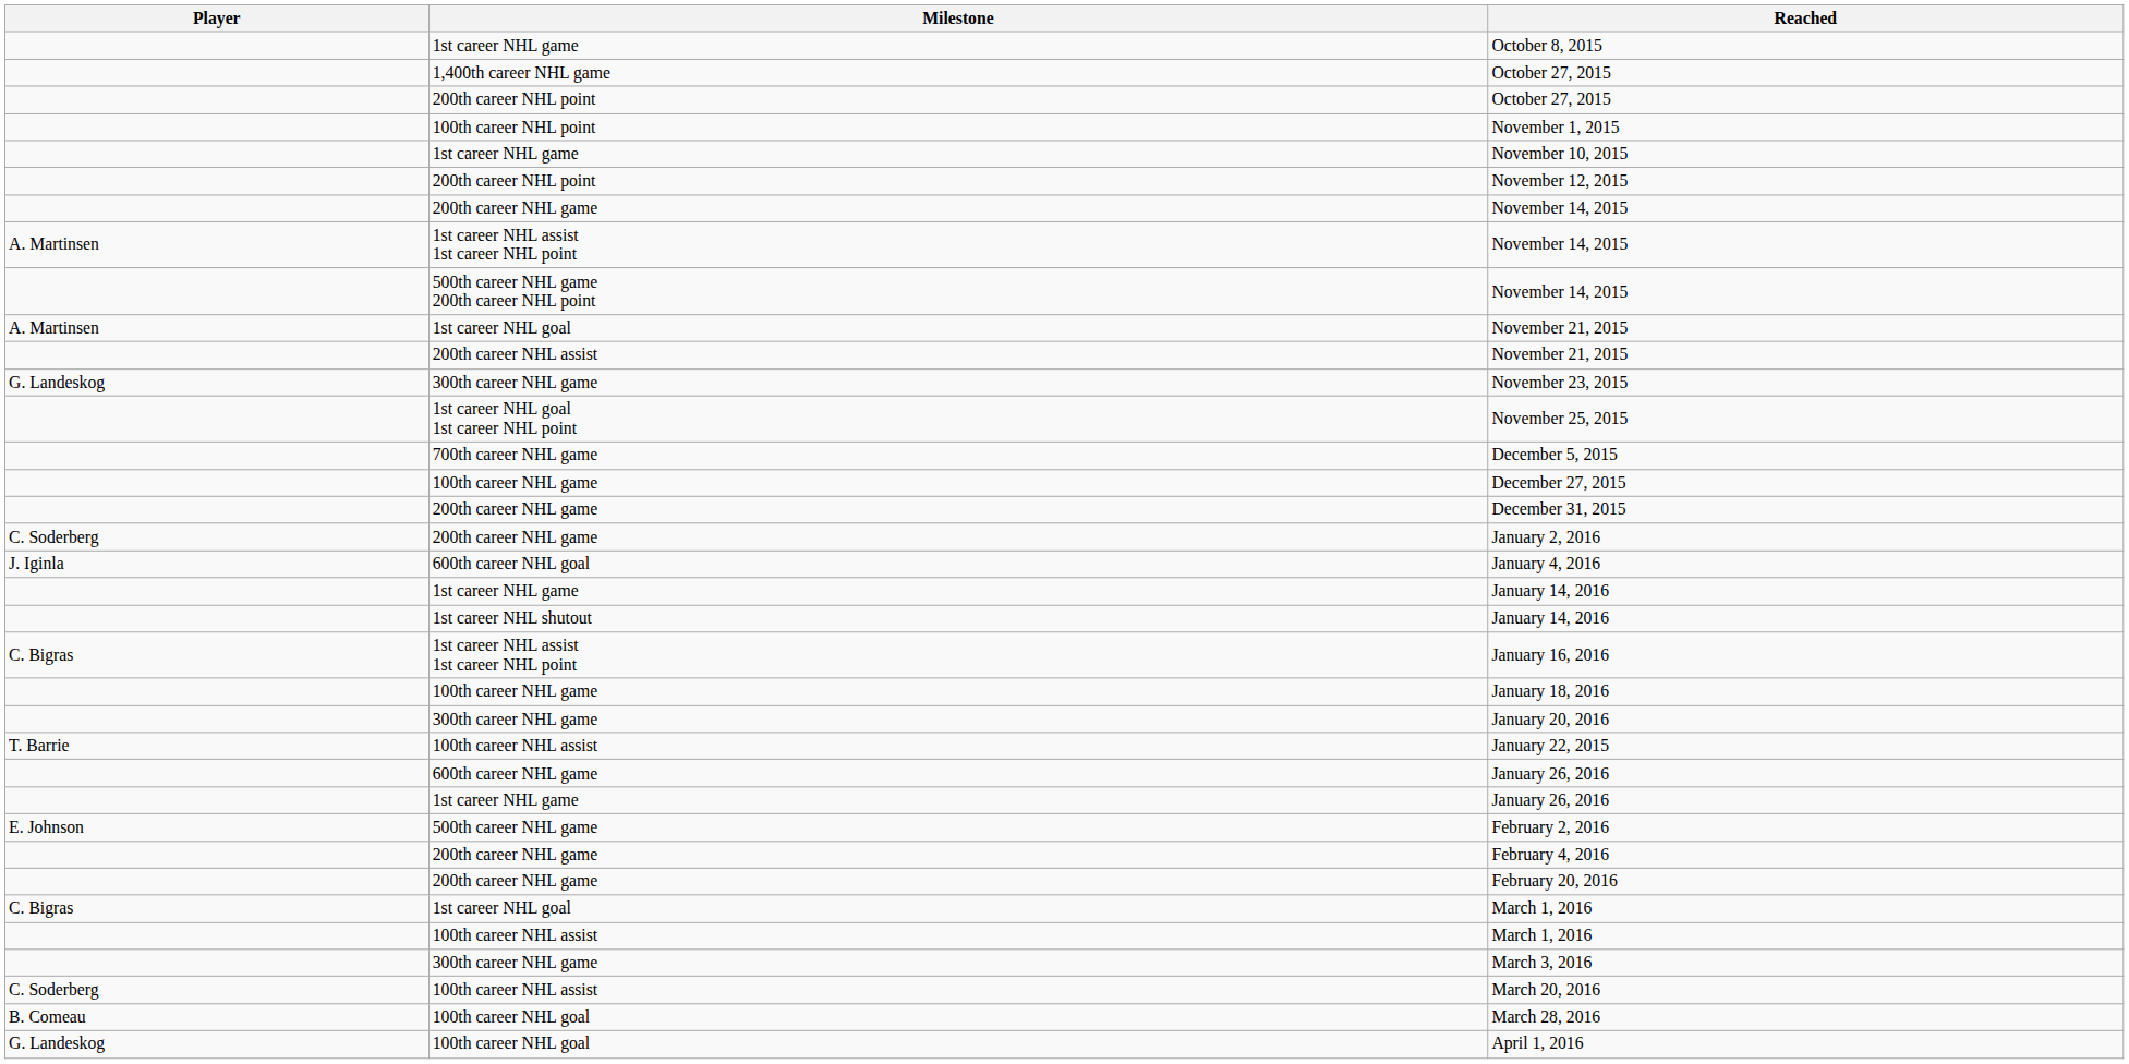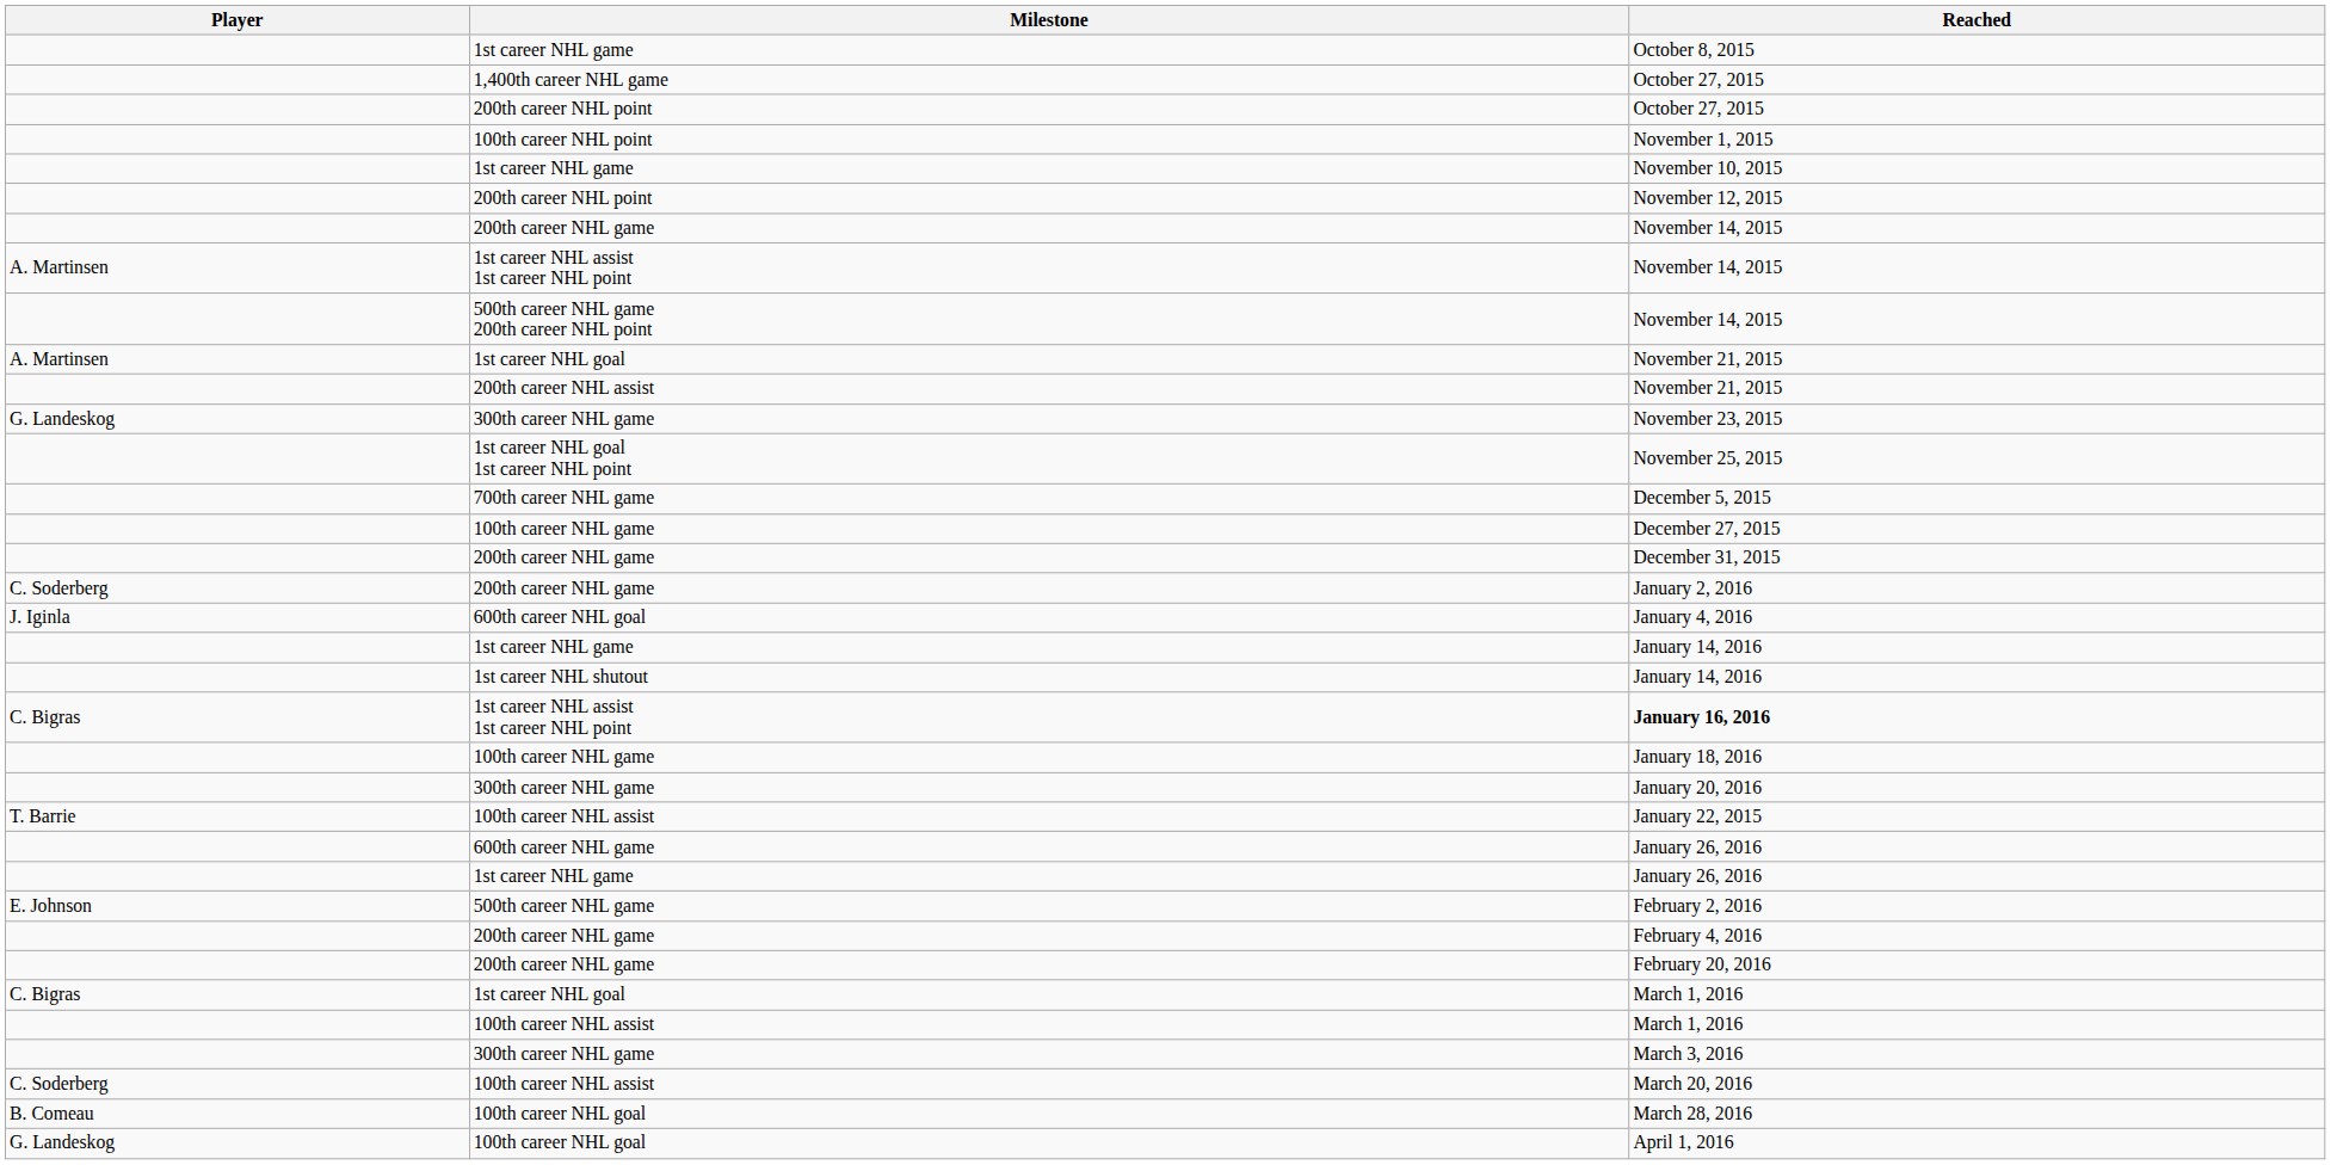 <table class="wikitable sortable" style="width:100%;">
 <tr align=center>
 <th style="width:20%;">Player</th>
 <th style="width:50%;">Milestone</th>
 <th style="width:30%;" data-sort-type="date">Reached</th>
 </tr>
 <tr>
 <td></td>
 <td>1st career NHL game</td>
 <td>October 8, 2015</td>
 </tr>
 <tr>
 <td></td>
 <td>1,400th career NHL game</td>
 <td>October 27, 2015</td>
 </tr>
 <tr>
 <td></td>
 <td>200th career NHL point</td>
 <td>October 27, 2015</td>
 </tr>
 <tr>
 <td></td>
 <td>100th career NHL point</td>
 <td>November 1, 2015</td>
 </tr>
 <tr>
 <td></td>
 <td>1st career NHL game</td>
 <td>November 10, 2015</td>
 </tr>
 <tr>
 <td></td>
 <td>200th career NHL point</td>
 <td>November 12, 2015</td>
 </tr>
 <tr>
 <td></td>
 <td>200th career NHL game</td>
 <td>November 14, 2015</td>
 </tr>
 <tr>
 <td>A. Martinsen</td>
 <td>1st career NHL assist<br>1st career NHL point</td>
 <td>November 14, 2015</td>
 </tr>
 <tr>
 <td></td>
 <td>500th career NHL game<br>200th career NHL point</td>
 <td>November 14, 2015</td>
 </tr>
 <tr>
 <td>A. Martinsen</td>
 <td>1st career NHL goal</td>
 <td>November 21, 2015</td>
 </tr>
 <tr>
 <td></td>
 <td>200th career NHL assist</td>
 <td>November 21, 2015</td>
 </tr>
 <tr>
 <td>G. Landeskog</td>
 <td>300th career NHL game</td>
 <td>November 23, 2015</td>
 </tr>
 <tr>
 <td></td>
 <td>1st career NHL goal<br>1st career NHL point</td>
 <td>November 25, 2015</td>
 </tr>
 <tr>
 <td></td>
 <td>700th career NHL game</td>
 <td>December 5, 2015</td>
 </tr>
 <tr>
 <td></td>
 <td>100th career NHL game</td>
 <td>December 27, 2015</td>
 </tr>
 <tr>
 <td></td>
 <td>200th career NHL game</td>
 <td>December 31, 2015</td>
 </tr>
 <tr>
 <td>C. Soderberg</td>
 <td>200th career NHL game</td>
 <td>January 2, 2016</td>
 </tr>
 <tr>
 <td>J. Iginla</td>
 <td>600th career NHL goal</td>
 <td>January 4, 2016</td>
 </tr>
 <tr>
 <td></td>
 <td>1st career NHL game</td>
 <td>January 14, 2016</td>
 </tr>
 <tr>
 <td></td>
 <td>1st career NHL shutout</td>
 <td>January 14, 2016</td>
 </tr>
 <tr>
 <td>C. Bigras</td>
 <td>1st career NHL assist<br>1st career NHL point</td>
-<td>January 16, 2016</td>
+<td><strong>January 16, 2016</strong></td>
 </tr>
 <tr>
 <td></td>
 <td>100th career NHL game</td>
 <td>January 18, 2016</td>
 </tr>
 <tr>
 <td></td>
 <td>300th career NHL game</td>
 <td>January 20, 2016</td>
 </tr>
 <tr>
 <td>T. Barrie</td>
 <td>100th career NHL assist</td>
 <td>January 22, 2015</td>
 </tr>
 <tr>
 <td></td>
 <td>600th career NHL game</td>
 <td>January 26, 2016</td>
 </tr>
 <tr>
 <td></td>
 <td>1st career NHL game</td>
 <td>January 26, 2016</td>
 </tr>
 <tr>
 <td>E. Johnson</td>
 <td>500th career NHL game</td>
 <td>February 2, 2016</td>
 </tr>
 <tr>
 <td></td>
 <td>200th career NHL game</td>
 <td>February 4, 2016</td>
 </tr>
 <tr>
 <td></td>
 <td>200th career NHL game</td>
 <td>February 20, 2016</td>
 </tr>
 <tr>
 <td>C. Bigras</td>
 <td>1st career NHL goal</td>
 <td>March 1, 2016</td>
 </tr>
 <tr>
 <td></td>
 <td>100th career NHL assist</td>
 <td>March 1, 2016</td>
 </tr>
 <tr>
 <td></td>
 <td>300th career NHL game</td>
 <td>March 3, 2016</td>
 </tr>
 <tr>
 <td>C. Soderberg</td>
 <td>100th career NHL assist</td>
 <td>March 20, 2016</td>
 </tr>
 <tr>
 <td>B. Comeau</td>
 <td>100th career NHL goal</td>
 <td>March 28, 2016</td>
 </tr>
 <tr>
 <td>G. Landeskog</td>
 <td>100th career NHL goal</td>
 <td>April 1, 2016</td>
 </tr>
 </table>
